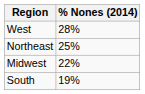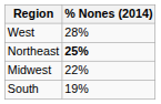 <table class="wikitable">
 <tr>
 <th>Region</th>
 <th>% Nones (2014)</th>
 </tr>
 <tr>
 <td>West</td>
 <td>28%</td>
 </tr>
 <tr>
 <td>Northeast</td>
-<td>25%</td>
+<td><strong>25%</strong></td>
 </tr>
 <tr>
 <td>Midwest</td>
 <td>22%</td>
 </tr>
 <tr>
 <td>South</td>
 <td>19%</td>
 </tr>
 </table>
